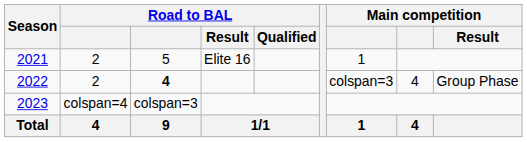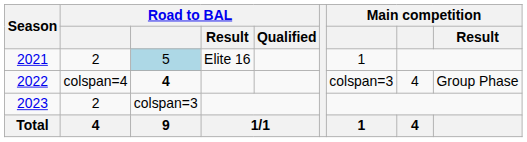 <table class="wikitable" style="text-align:center;">
 <tr>
 <th rowspan=2>Season</th>
 <th colspan=4><a href='#'>Road to BAL</a></th>
 <th rowspan="100"></th>
 <th colspan=3>Main competition</th>
 </tr>
 <tr>
 <th width=35></th>
 <th width=35></th>
 <th>Result</th>
 <th>Qualified</th>
 <th width=35></th>
 <th width=35></th>
 <th>Result</th>
 </tr>
 <tr>
 <td><a href='#'>2021</a></td>
 <td>2</td>
-<td>5</td>
+<td style="background: lightblue;">5</td>
 <td>Elite 16</td>
 <td></td>
 <td>1</td>
 </tr>
 <tr>
 <td><a href='#'>2022</a></td>
-<td>2</td>
+<td>colspan=4  </td>
 <td><strong>4</strong></td>
 <td></td>
 <td></td>
 <td>colspan=3 </td>
 <td>4</td>
 <td>Group Phase</td>
 </tr>
 <tr>
 <td><a href='#'>2023</a></td>
-<td>colspan=4  </td>
+<td>2</td>
 <td>colspan=3 </td>
 </tr>
 <tr>
 <th>Total</th>
 <th>4</th>
 <th>9</th>
 <th colspan=2>1/1</th>
 <th>1</th>
 <th>4</th>
 <th></th>
 </tr>
 </table>
